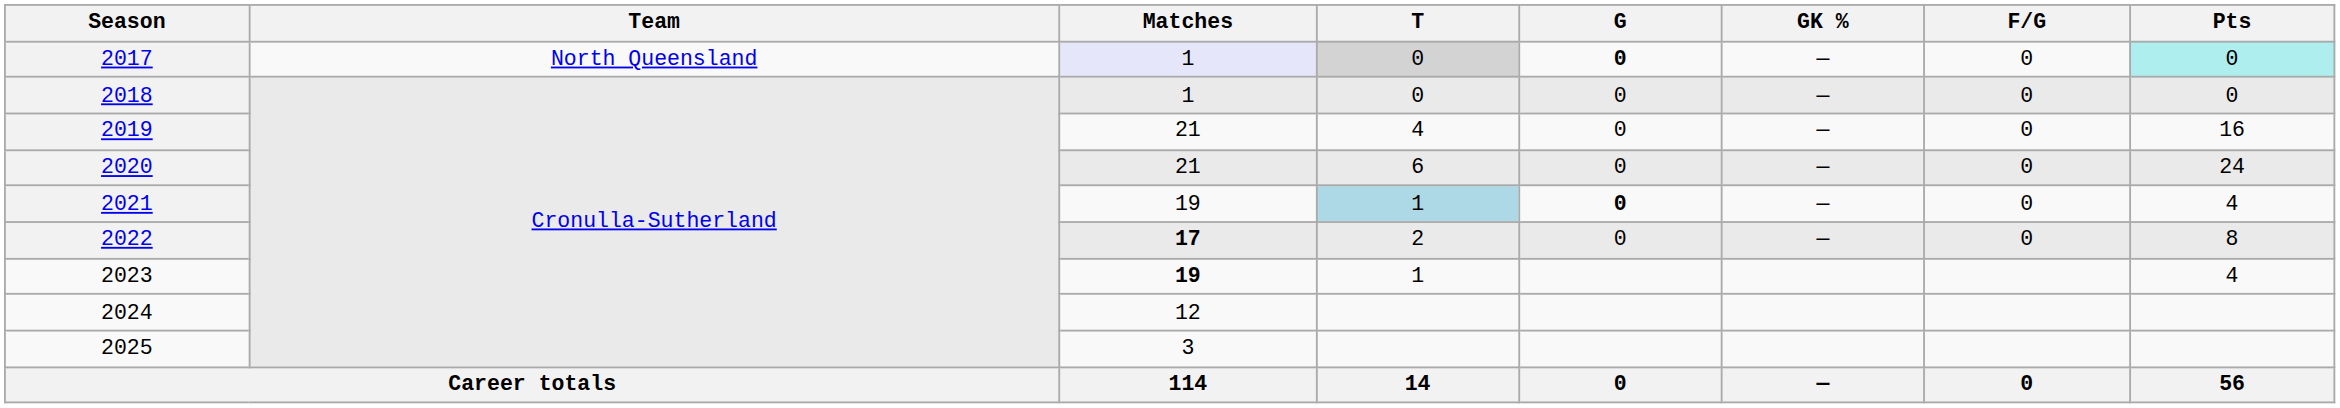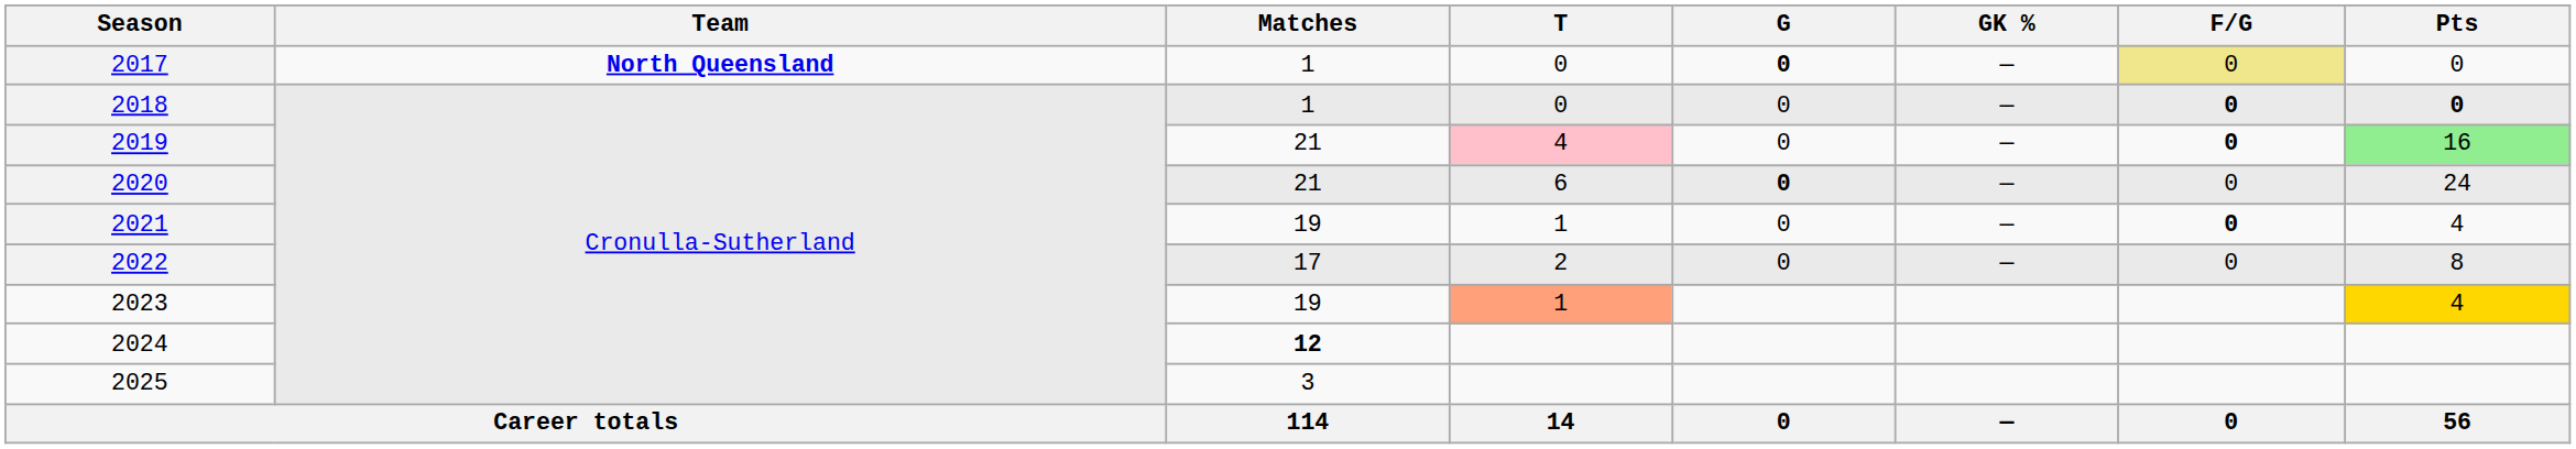 <table class="wikitable sortable"  style="font-size:90%; text-align:center; width:80%;">
 <tr>
 <th width=2%>Season</th>
 <th width=8%>Team</th>
 <th width=2%>Matches</th>
 <th width=2%>T</th>
 <th width=2%>G</th>
 <th width=2%>GK %</th>
 <th width=2%>F/G</th>
 <th width=2%>Pts</th>
 </tr>
 <tr>
 <th scope="row" style="text-align:center; font-weight:normal"><a href='#'>2017</a></th>
-<td style="text-align:center;"> <a href='#'>North Queensland</a></td>
-<td style="background: lavender;">1</td>
-<td style="background: lightgrey;">0</td>
+<td style="text-align:center;"><strong> <a href='#'>North Queensland</a></strong></td>
+<td>1</td>
+<td>0</td>
 <td><strong>0</strong></td>
 <td>—</td>
+<td style="background: khaki;">0</td>
 <td>0</td>
-<td style="background: paleturquoise;">0</td>
 </tr>
 <tr style="background:#eaeaea;">
 <th scope="row" style="text-align:center; font-weight:normal"><a href='#'>2018</a></th>
 <td rowspan="8" style="text-align:center;"> <a href='#'>Cronulla-Sutherland</a></td>
 <td>1</td>
 <td>0</td>
 <td>0</td>
 <td>—</td>
-<td>0</td>
-<td>0</td>
+<td><strong>0</strong></td>
+<td><strong>0</strong></td>
 </tr>
 <tr>
 <th scope="row" style="text-align:center; font-weight:normal"><a href='#'>2019</a></th>
 <td>21</td>
-<td>4</td>
+<td style="background: pink;">4</td>
 <td>0</td>
 <td>—</td>
-<td>0</td>
-<td>16</td>
+<td><strong>0</strong></td>
+<td style="background: lightgreen;">16</td>
 </tr>
 <tr style="background:#eaeaea;">
 <th scope="row" style="text-align:center; font-weight:normal"><a href='#'>2020</a></th>
 <td>21</td>
 <td>6</td>
-<td>0</td>
+<td><strong>0</strong></td>
 <td>—</td>
 <td>0</td>
 <td>24</td>
 </tr>
 <tr>
 <th scope="row" style="text-align:center; font-weight:normal"><a href='#'>2021</a></th>
 <td>19</td>
-<td style="background: lightblue;">1</td>
+<td>1</td>
+<td>0</td>
+<td>—</td>
 <td><strong>0</strong></td>
-<td>—</td>
-<td>0</td>
 <td>4</td>
 </tr>
 <tr style="background:#eaeaea;">
 <th scope="row" style="text-align:center; font-weight:normal"><a href='#'>2022</a></th>
-<td><strong>17</strong></td>
+<td>17</td>
 <td>2</td>
 <td>0</td>
 <td>—</td>
 <td>0</td>
 <td>8</td>
 </tr>
 <tr>
 <td>2023</td>
-<td><strong>19</strong></td>
-<td>1</td>
+<td>19</td>
+<td style="background: lightsalmon;">1</td>
 <td></td>
 <td></td>
 <td></td>
-<td>4</td>
+<td style="background: gold;">4</td>
 </tr>
 <tr>
 <td>2024</td>
-<td>12</td>
+<td><strong>12</strong></td>
 <td></td>
 <td></td>
 <td></td>
 <td></td>
 <td></td>
 </tr>
 <tr>
 <td>2025</td>
 <td>3</td>
 <td></td>
 <td></td>
 <td></td>
 <td></td>
 <td></td>
 </tr>
 <tr class="sortbottom">
 <th colspan="2">Career totals</th>
 <th>114</th>
 <th>14</th>
 <th>0</th>
 <th>—</th>
 <th>0</th>
 <th>56</th>
 </tr>
 </table>
